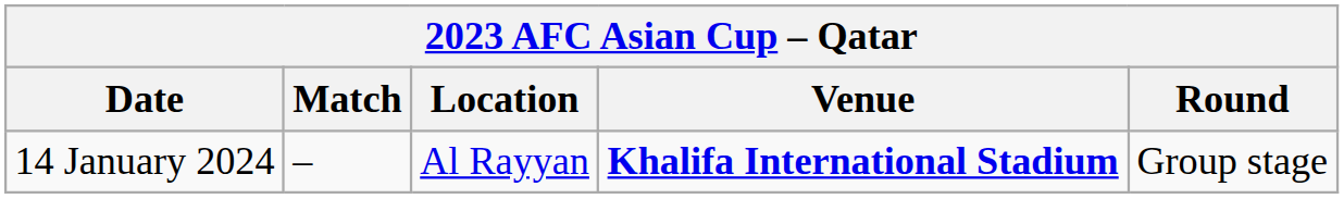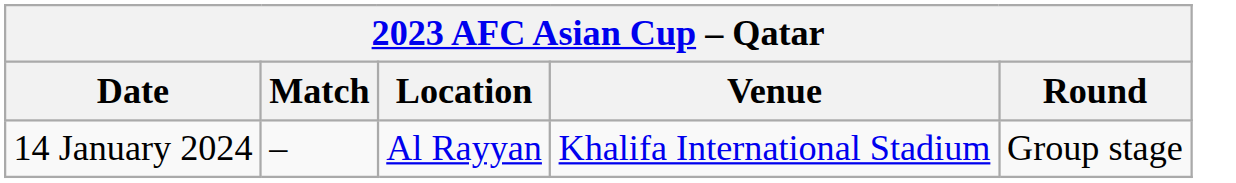 <table class="wikitable">
 <tr>
 <th colspan="5"><a href='#'>2023 AFC Asian Cup</a> – Qatar</th>
 </tr>
 <tr>
 <th>Date</th>
 <th>Match</th>
 <th>Location</th>
 <th>Venue</th>
 <th>Round</th>
 </tr>
 <tr>
 <td>14 January 2024</td>
 <td> – </td>
 <td><a href='#'>Al Rayyan</a></td>
-<td><strong><a href='#'>Khalifa International Stadium</a></strong></td>
+<td><a href='#'>Khalifa International Stadium</a></td>
 <td>Group stage</td>
 </tr>
 </table>
